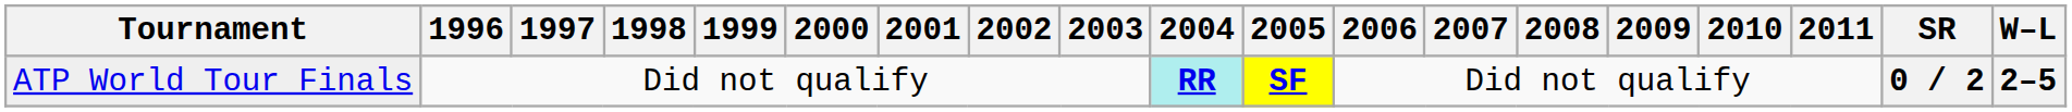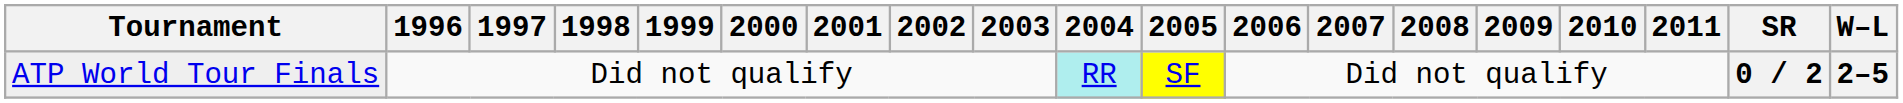 <table class="wikitable" style="text-align:center;font-size:97%">
 <tr>
 <th>Tournament</th>
 <th>1996</th>
 <th>1997</th>
 <th>1998</th>
 <th>1999</th>
 <th>2000</th>
 <th>2001</th>
 <th>2002</th>
 <th>2003</th>
 <th>2004</th>
 <th>2005</th>
 <th>2006</th>
 <th>2007</th>
 <th>2008</th>
 <th>2009</th>
 <th>2010</th>
 <th>2011</th>
 <th>SR</th>
 <th>W–L</th>
 </tr>
 <tr>
 <td style="background:#efefef; text-align:left;"><a href='#'>ATP World Tour Finals</a></td>
 <td colspan="8">Did not qualify</td>
-<td style="background:#afeeee;"><strong><a href='#'>RR</a></strong></td>
-<td style="background:yellow;"><strong><a href='#'>SF</a></strong></td>
+<td style="background:#afeeee;"><a href='#'>RR</a></td>
+<td style="background:yellow;"><a href='#'>SF</a></td>
 <td colspan="6">Did not qualify</td>
 <th>0 / 2</th>
 <th>2–5</th>
 </tr>
 </table>
